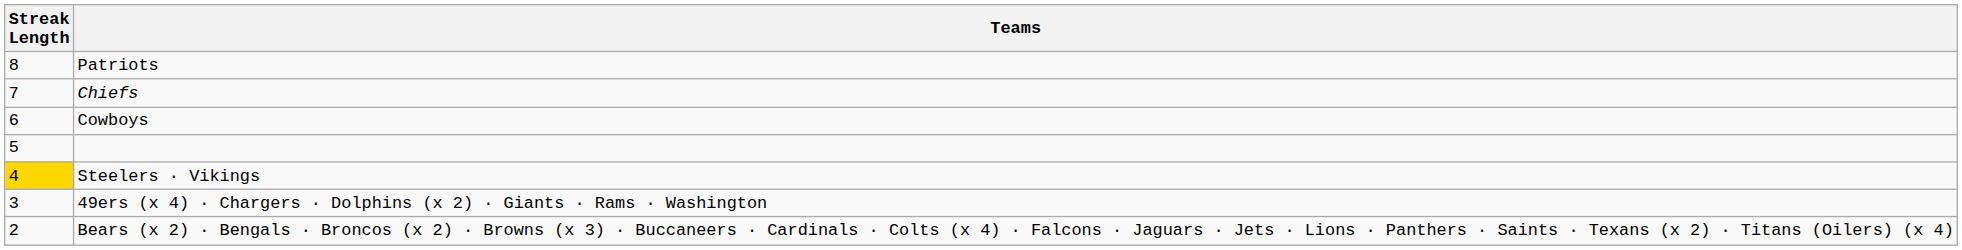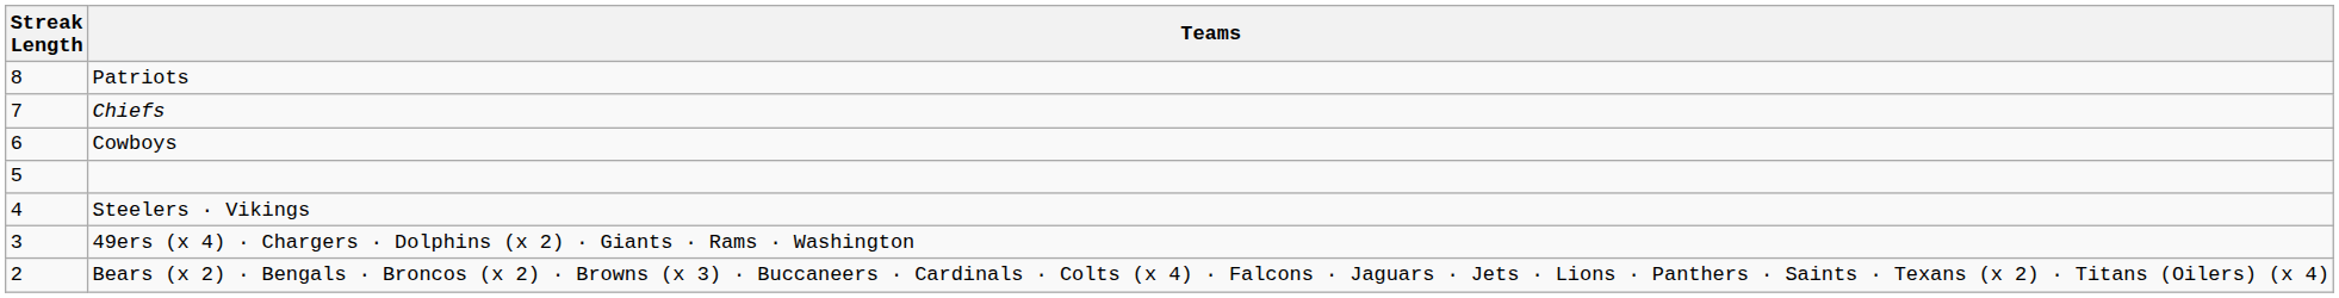 <table class="wikitable">
 <tr>
 <th><strong>Streak<br> Length</strong></th>
 <th><strong>Teams</strong></th>
 </tr>
 <tr>
 <td>8</td>
 <td>Patriots</td>
 </tr>
 <tr>
 <td>7</td>
 <td><em>Chiefs</em></td>
 </tr>
 <tr>
 <td>6</td>
 <td>Cowboys</td>
 </tr>
 <tr>
 <td>5</td>
 <td></td>
 </tr>
 <tr>
-<td style="background: gold;">4</td>
+<td>4</td>
 <td>Steelers · Vikings</td>
 </tr>
 <tr>
 <td>3</td>
 <td>49ers (x 4) · Chargers · Dolphins (x 2) · Giants · Rams · Washington</td>
 </tr>
 <tr>
 <td>2</td>
 <td>Bears (x 2) · Bengals · Broncos (x 2) · Browns (x 3) · Buccaneers · Cardinals · Colts (x 4) · Falcons · Jaguars · Jets · Lions · Panthers · Saints · Texans (x 2) · Titans (Oilers) (x 4)</td>
 </tr>
 </table>
